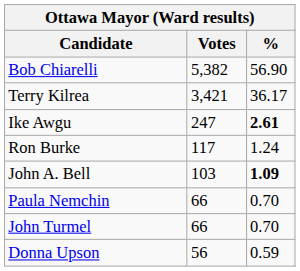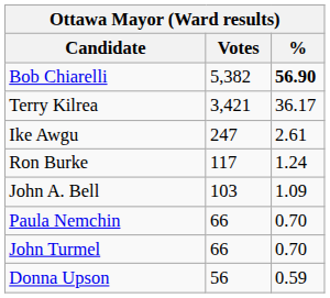 <table class="wikitable">
 <tr>
 <th colspan="3">Ottawa Mayor (Ward results)</th>
 </tr>
 <tr>
 <th style="width: 170px">Candidate</th>
 <th style="width: 50px">Votes</th>
 <th style="width: 40px">%</th>
 </tr>
 <tr>
 <td><a href='#'>Bob Chiarelli</a></td>
 <td>5,382</td>
-<td>56.90</td>
+<td><strong>56.90</strong></td>
 </tr>
 <tr>
 <td>Terry Kilrea</td>
 <td>3,421</td>
 <td>36.17</td>
 </tr>
 <tr>
 <td>Ike Awgu</td>
 <td>247</td>
-<td><strong>2.61</strong></td>
+<td>2.61</td>
 </tr>
 <tr>
 <td>Ron Burke</td>
 <td>117</td>
 <td>1.24</td>
 </tr>
 <tr>
 <td>John A. Bell</td>
 <td>103</td>
-<td><strong>1.09</strong></td>
+<td>1.09</td>
 </tr>
 <tr>
 <td><a href='#'>Paula Nemchin</a></td>
 <td>66</td>
 <td>0.70</td>
 </tr>
 <tr>
 <td><a href='#'>John Turmel</a></td>
 <td>66</td>
 <td>0.70</td>
 </tr>
 <tr>
 <td><a href='#'>Donna Upson</a></td>
 <td>56</td>
 <td>0.59</td>
 </tr>
 </table>
